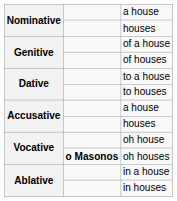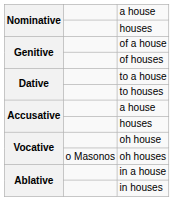 <table class="wikitable">
 <tr>
 <th rowspan="2">Nominative</th>
 <td></td>
 <td>a house</td>
 </tr>
 <tr>
 <td></td>
 <td>houses</td>
 </tr>
 <tr>
 <th rowspan="2">Genitive</th>
 <td></td>
 <td>of a house</td>
 </tr>
 <tr>
 <td></td>
 <td>of houses</td>
 </tr>
 <tr>
 <th rowspan="2">Dative</th>
 <td></td>
 <td>to a house</td>
 </tr>
 <tr>
 <td></td>
 <td>to houses</td>
 </tr>
 <tr>
 <th rowspan="2">Accusative</th>
 <td></td>
 <td>a house</td>
 </tr>
 <tr>
 <td></td>
 <td>houses</td>
 </tr>
 <tr>
 <th rowspan="2">Vocative</th>
 <td></td>
 <td>oh house</td>
 </tr>
 <tr>
-<td><strong>o Masonos</strong></td>
+<td>o Masonos</td>
 <td>oh houses</td>
 </tr>
 <tr>
 <th rowspan="2">Ablative</th>
 <td></td>
 <td>in a house</td>
 </tr>
 <tr>
 <td></td>
 <td>in houses</td>
 </tr>
 </table>
